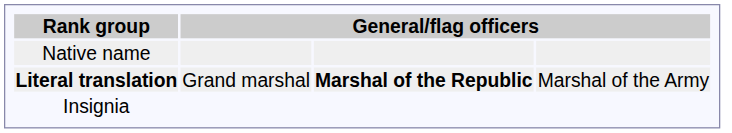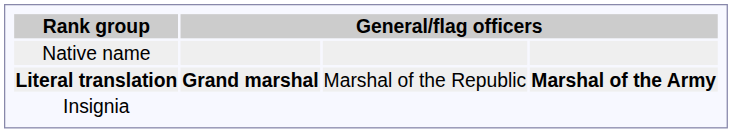 <table style="border:1px solid #8888aa; background-color:#f7f8ff; padding:5px; font-size:95%; margin: 0px 12px 12px 0px;">
 <tr style="background-color:#CCCCCC; text-align:center;">
 <th>Rank group</th>
 <th colspan=4>General/flag officers</th>
 </tr>
 <tr style="text-align:center; background:#efefef;">
 <td>Native name</td>
 <td><br></td>
 <td><br></td>
 <td><br></td>
 </tr>
 <tr style="text-align:center; background:#efefef;">
 <th>Literal translation</th>
-<td>Grand marshal</td>
-<td><strong>Marshal of the Republic</strong></td>
-<td>Marshal of the Army</td>
+<td><strong>Grand marshal</strong></td>
+<td>Marshal of the Republic</td>
+<td><strong>Marshal of the Army</strong></td>
 </tr>
 <tr style="text-align:center;">
 <td>Insignia</td>
 <td></td>
 <td></td>
 <td></td>
 </tr>
 </table>
